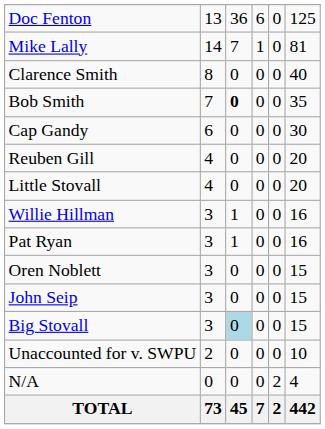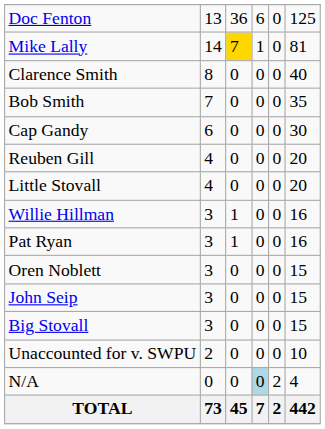 <table class="wikitable">
 <tr>
 </tr>
 <tr>
 <td><a href='#'>Doc Fenton</a></td>
 <td>13</td>
 <td>36</td>
 <td>6</td>
 <td>0</td>
 <td>125</td>
 </tr>
 <tr>
 <td><a href='#'>Mike Lally</a></td>
 <td>14</td>
-<td>7</td>
+<td style="background: gold;">7</td>
 <td>1</td>
 <td>0</td>
 <td>81</td>
 </tr>
 <tr>
 <td>Clarence Smith</td>
 <td>8</td>
 <td>0</td>
 <td>0</td>
 <td>0</td>
 <td>40</td>
 </tr>
 <tr>
 <td>Bob Smith</td>
 <td>7</td>
-<td><strong>0</strong></td>
+<td>0</td>
 <td>0</td>
 <td>0</td>
 <td>35</td>
 </tr>
 <tr>
 <td>Cap Gandy</td>
 <td>6</td>
 <td>0</td>
 <td>0</td>
 <td>0</td>
 <td>30</td>
 </tr>
 <tr>
 <td>Reuben Gill</td>
 <td>4</td>
 <td>0</td>
 <td>0</td>
 <td>0</td>
 <td>20</td>
 </tr>
 <tr>
 <td>Little Stovall</td>
 <td>4</td>
 <td>0</td>
 <td>0</td>
 <td>0</td>
 <td>20</td>
 </tr>
 <tr>
 <td><a href='#'>Willie Hillman</a></td>
 <td>3</td>
 <td>1</td>
 <td>0</td>
 <td>0</td>
 <td>16</td>
 </tr>
 <tr>
 <td>Pat Ryan</td>
 <td>3</td>
 <td>1</td>
 <td>0</td>
 <td>0</td>
 <td>16</td>
 </tr>
 <tr>
 <td>Oren Noblett</td>
 <td>3</td>
 <td>0</td>
 <td>0</td>
 <td>0</td>
 <td>15</td>
 </tr>
 <tr>
 <td><a href='#'>John Seip</a></td>
 <td>3</td>
 <td>0</td>
 <td>0</td>
 <td>0</td>
 <td>15</td>
 </tr>
 <tr>
 <td><a href='#'>Big Stovall</a></td>
 <td>3</td>
-<td style="background: lightblue;">0</td>
+<td>0</td>
 <td>0</td>
 <td>0</td>
 <td>15</td>
 </tr>
 <tr>
 <td>Unaccounted for v. SWPU</td>
 <td>2</td>
 <td>0</td>
 <td>0</td>
 <td>0</td>
 <td>10</td>
 </tr>
 <tr>
 <td>N/A</td>
 <td>0</td>
 <td>0</td>
-<td>0</td>
+<td style="background: lightblue;">0</td>
 <td>2</td>
 <td>4</td>
 </tr>
 <tr>
 <th>TOTAL</th>
 <th>73</th>
 <th>45</th>
 <th>7</th>
 <th>2</th>
 <th>442</th>
 </tr>
 <tr>
 </tr>
 </table>
